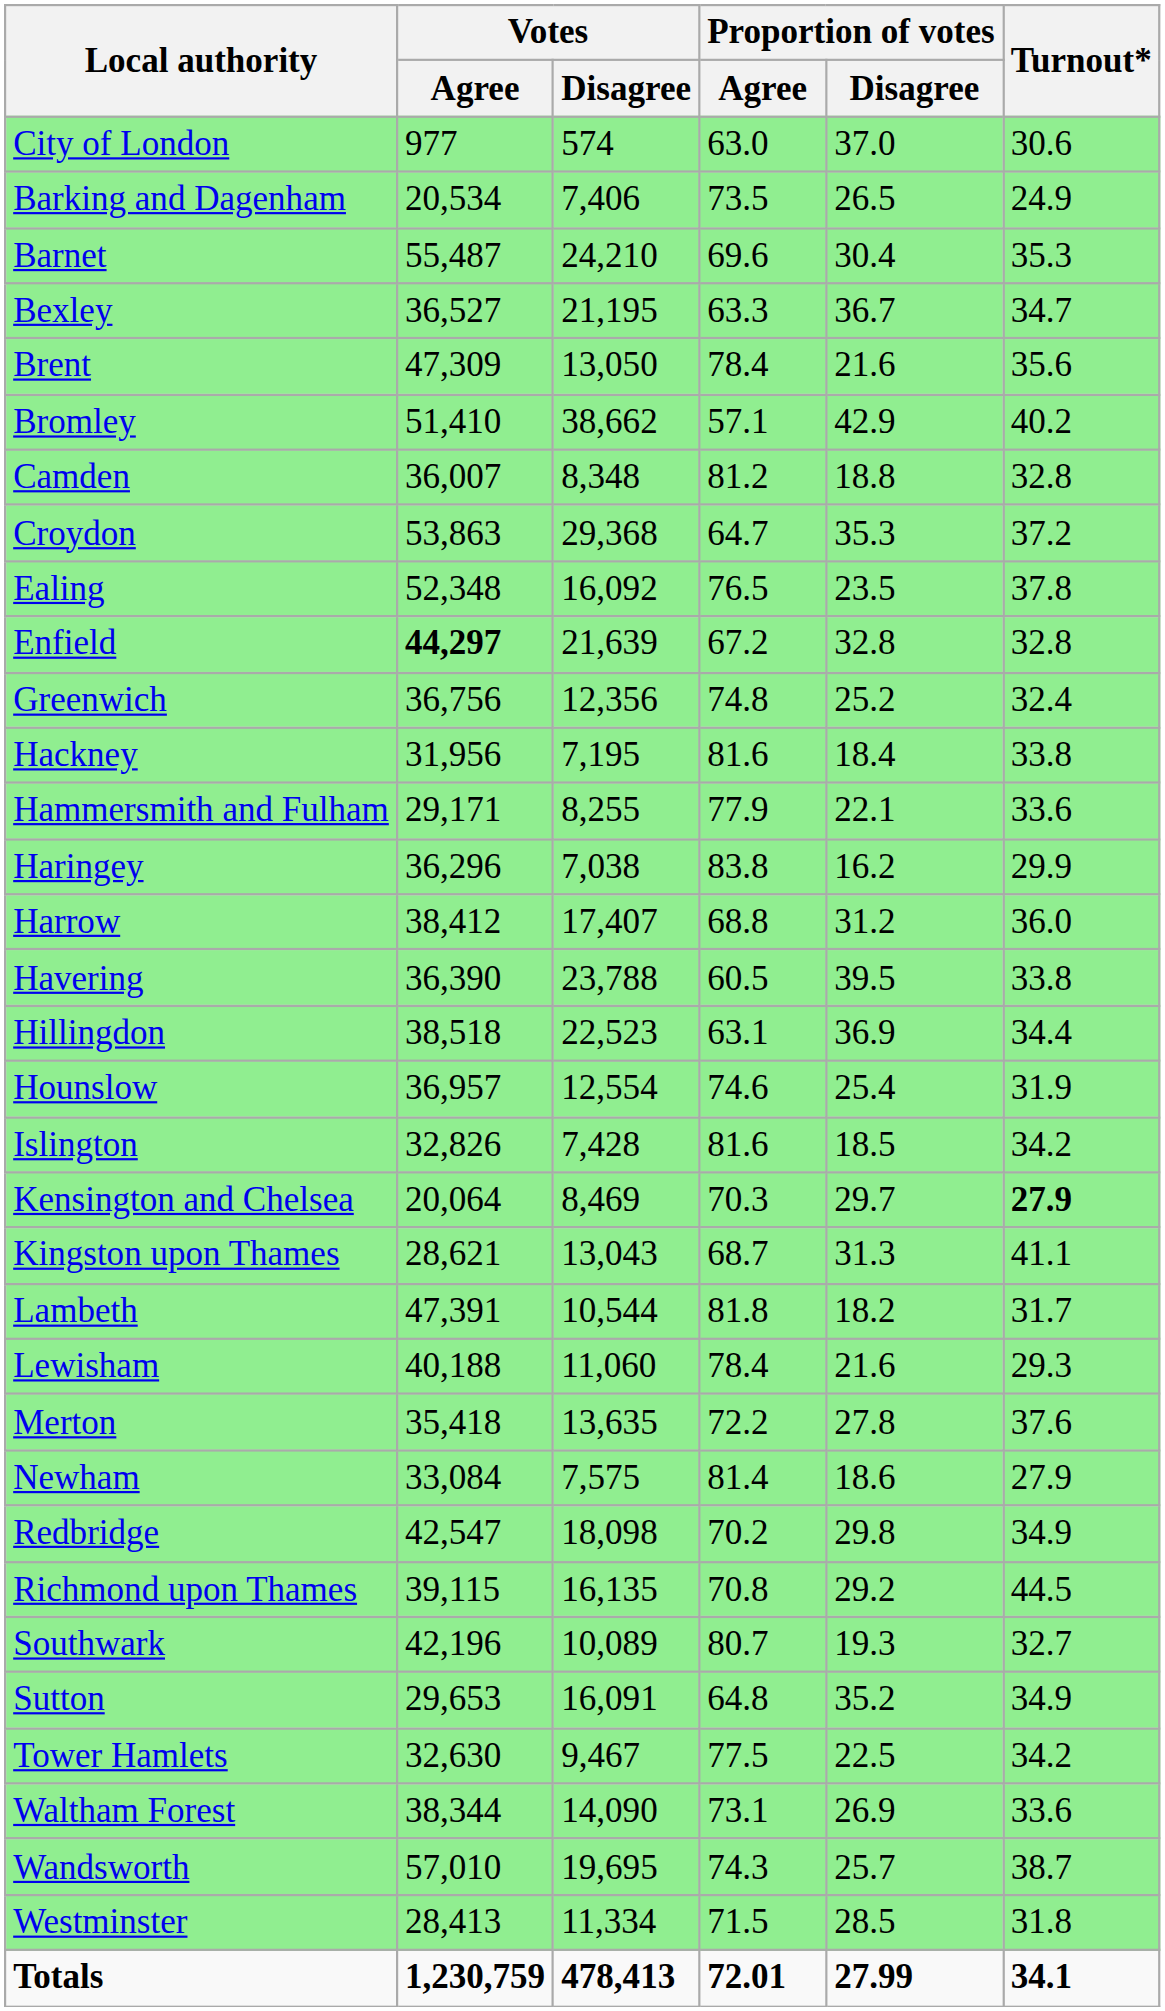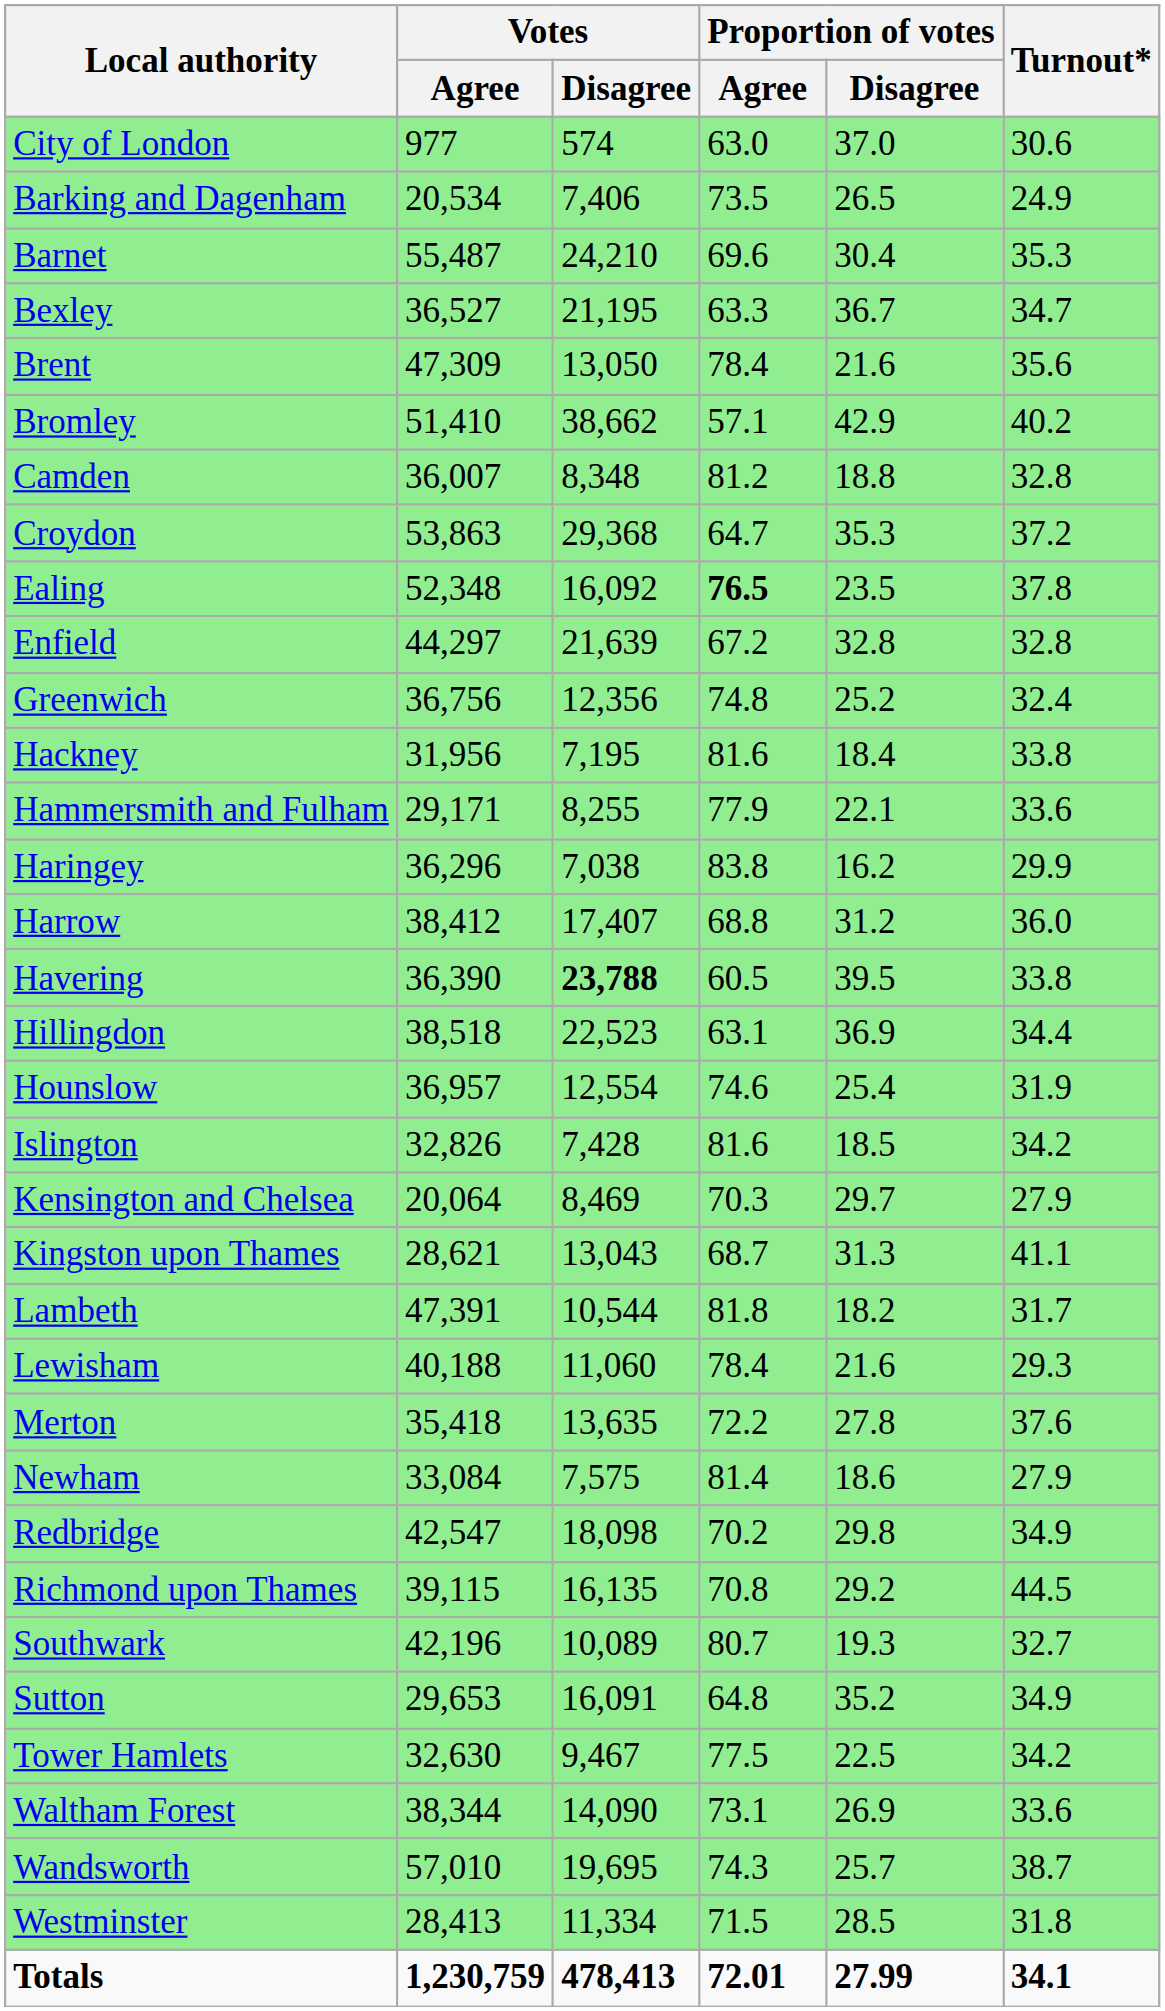 <table class="wikitable sortable">
 <tr>
 <th rowspan="2">Local authority</th>
 <th colspan="2">Votes</th>
 <th colspan="2">Proportion of votes</th>
 <th rowspan="2">Turnout*</th>
 </tr>
 <tr>
 <th>Agree</th>
 <th>Disagree</th>
 <th>Agree</th>
 <th>Disagree</th>
 </tr>
 <tr style="background:lightgreen;">
 <td><a href='#'>City of London</a></td>
 <td>977</td>
 <td>574</td>
 <td>63.0</td>
 <td>37.0</td>
 <td>30.6</td>
 </tr>
 <tr style="background:lightgreen;">
 <td><a href='#'>Barking and Dagenham</a></td>
 <td>20,534</td>
 <td>7,406</td>
 <td>73.5</td>
 <td>26.5</td>
 <td>24.9</td>
 </tr>
 <tr style="background:lightgreen;">
 <td><a href='#'>Barnet</a></td>
 <td>55,487</td>
 <td>24,210</td>
 <td>69.6</td>
 <td>30.4</td>
 <td>35.3</td>
 </tr>
 <tr style="background:lightgreen;">
 <td><a href='#'>Bexley</a></td>
 <td>36,527</td>
 <td>21,195</td>
 <td>63.3</td>
 <td>36.7</td>
 <td>34.7</td>
 </tr>
 <tr style="background:lightgreen;">
 <td><a href='#'>Brent</a></td>
 <td>47,309</td>
 <td>13,050</td>
 <td>78.4</td>
 <td>21.6</td>
 <td>35.6</td>
 </tr>
 <tr style="background:lightgreen;">
 <td><a href='#'>Bromley</a></td>
 <td>51,410</td>
 <td>38,662</td>
 <td>57.1</td>
 <td>42.9</td>
 <td>40.2</td>
 </tr>
 <tr style="background:lightgreen;">
 <td><a href='#'>Camden</a></td>
 <td>36,007</td>
 <td>8,348</td>
 <td>81.2</td>
 <td>18.8</td>
 <td>32.8</td>
 </tr>
 <tr style="background:lightgreen;">
 <td><a href='#'>Croydon</a></td>
 <td>53,863</td>
 <td>29,368</td>
 <td>64.7</td>
 <td>35.3</td>
 <td>37.2</td>
 </tr>
 <tr style="background:lightgreen;">
 <td><a href='#'>Ealing</a></td>
 <td>52,348</td>
 <td>16,092</td>
-<td>76.5</td>
+<td><strong>76.5</strong></td>
 <td>23.5</td>
 <td>37.8</td>
 </tr>
 <tr style="background:lightgreen;">
 <td><a href='#'>Enfield</a></td>
-<td><strong>44,297</strong></td>
+<td>44,297</td>
 <td>21,639</td>
 <td>67.2</td>
 <td>32.8</td>
 <td>32.8</td>
 </tr>
 <tr style="background:lightgreen;">
 <td><a href='#'>Greenwich</a></td>
 <td>36,756</td>
 <td>12,356</td>
 <td>74.8</td>
 <td>25.2</td>
 <td>32.4</td>
 </tr>
 <tr style="background:lightgreen;">
 <td><a href='#'>Hackney</a></td>
 <td>31,956</td>
 <td>7,195</td>
 <td>81.6</td>
 <td>18.4</td>
 <td>33.8</td>
 </tr>
 <tr style="background:lightgreen;">
 <td><a href='#'>Hammersmith and Fulham</a></td>
 <td>29,171</td>
 <td>8,255</td>
 <td>77.9</td>
 <td>22.1</td>
 <td>33.6</td>
 </tr>
 <tr style="background:lightgreen;">
 <td><a href='#'>Haringey</a></td>
 <td>36,296</td>
 <td>7,038</td>
 <td>83.8</td>
 <td>16.2</td>
 <td>29.9</td>
 </tr>
 <tr style="background:lightgreen;">
 <td><a href='#'>Harrow</a></td>
 <td>38,412</td>
 <td>17,407</td>
 <td>68.8</td>
 <td>31.2</td>
 <td>36.0</td>
 </tr>
 <tr style="background:lightgreen;">
 <td><a href='#'>Havering</a></td>
 <td>36,390</td>
-<td>23,788</td>
+<td><strong>23,788</strong></td>
 <td>60.5</td>
 <td>39.5</td>
 <td>33.8</td>
 </tr>
 <tr style="background:lightgreen;">
 <td><a href='#'>Hillingdon</a></td>
 <td>38,518</td>
 <td>22,523</td>
 <td>63.1</td>
 <td>36.9</td>
 <td>34.4</td>
 </tr>
 <tr style="background:lightgreen;">
 <td><a href='#'>Hounslow</a></td>
 <td>36,957</td>
 <td>12,554</td>
 <td>74.6</td>
 <td>25.4</td>
 <td>31.9</td>
 </tr>
 <tr style="background:lightgreen;">
 <td><a href='#'>Islington</a></td>
 <td>32,826</td>
 <td>7,428</td>
 <td>81.6</td>
 <td>18.5</td>
 <td>34.2</td>
 </tr>
 <tr style="background:lightgreen;">
 <td><a href='#'>Kensington and Chelsea</a></td>
 <td>20,064</td>
 <td>8,469</td>
 <td>70.3</td>
 <td>29.7</td>
-<td><strong>27.9</strong></td>
+<td>27.9</td>
 </tr>
 <tr style="background:lightgreen;">
 <td><a href='#'>Kingston upon Thames</a></td>
 <td>28,621</td>
 <td>13,043</td>
 <td>68.7</td>
 <td>31.3</td>
 <td>41.1</td>
 </tr>
 <tr style="background:lightgreen;">
 <td><a href='#'>Lambeth</a></td>
 <td>47,391</td>
 <td>10,544</td>
 <td>81.8</td>
 <td>18.2</td>
 <td>31.7</td>
 </tr>
 <tr style="background:lightgreen;">
 <td><a href='#'>Lewisham</a></td>
 <td>40,188</td>
 <td>11,060</td>
 <td>78.4</td>
 <td>21.6</td>
 <td>29.3</td>
 </tr>
 <tr style="background:lightgreen;">
 <td><a href='#'>Merton</a></td>
 <td>35,418</td>
 <td>13,635</td>
 <td>72.2</td>
 <td>27.8</td>
 <td>37.6</td>
 </tr>
 <tr style="background:lightgreen;">
 <td><a href='#'>Newham</a></td>
 <td>33,084</td>
 <td>7,575</td>
 <td>81.4</td>
 <td>18.6</td>
 <td>27.9</td>
 </tr>
 <tr style="background:lightgreen;">
 <td><a href='#'>Redbridge</a></td>
 <td>42,547</td>
 <td>18,098</td>
 <td>70.2</td>
 <td>29.8</td>
 <td>34.9</td>
 </tr>
 <tr style="background:lightgreen;">
 <td><a href='#'>Richmond upon Thames</a></td>
 <td>39,115</td>
 <td>16,135</td>
 <td>70.8</td>
 <td>29.2</td>
 <td>44.5</td>
 </tr>
 <tr style="background:lightgreen;">
 <td><a href='#'>Southwark</a></td>
 <td>42,196</td>
 <td>10,089</td>
 <td>80.7</td>
 <td>19.3</td>
 <td>32.7</td>
 </tr>
 <tr style="background:lightgreen;">
 <td><a href='#'>Sutton</a></td>
 <td>29,653</td>
 <td>16,091</td>
 <td>64.8</td>
 <td>35.2</td>
 <td>34.9</td>
 </tr>
 <tr style="background:lightgreen;">
 <td><a href='#'>Tower Hamlets</a></td>
 <td>32,630</td>
 <td>9,467</td>
 <td>77.5</td>
 <td>22.5</td>
 <td>34.2</td>
 </tr>
 <tr style="background:lightgreen;">
 <td><a href='#'>Waltham Forest</a></td>
 <td>38,344</td>
 <td>14,090</td>
 <td>73.1</td>
 <td>26.9</td>
 <td>33.6</td>
 </tr>
 <tr style="background:lightgreen;">
 <td><a href='#'>Wandsworth</a></td>
 <td>57,010</td>
 <td>19,695</td>
 <td>74.3</td>
 <td>25.7</td>
 <td>38.7</td>
 </tr>
 <tr style="background:lightgreen;">
 <td><a href='#'>Westminster</a></td>
 <td>28,413</td>
 <td>11,334</td>
 <td>71.5</td>
 <td>28.5</td>
 <td>31.8</td>
 </tr>
 <tr class="sortbottom">
 <td><strong>Totals</strong></td>
 <td><strong>1,230,759</strong></td>
 <td><strong>478,413</strong></td>
 <td><strong>72.01</strong></td>
 <td><strong>27.99</strong></td>
 <td><strong>34.1</strong></td>
 </tr>
 </table>
